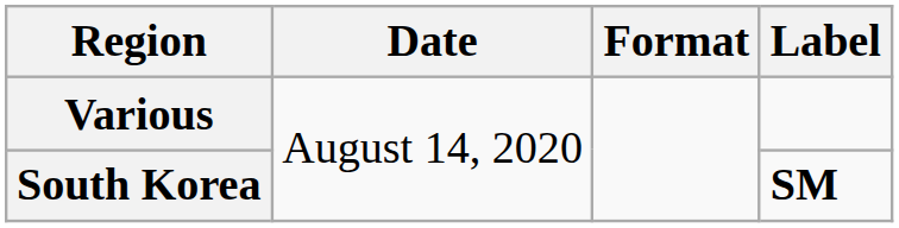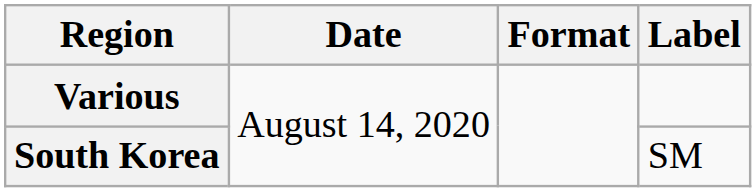 <table class="wikitable plainrowheaders">
 <tr>
 <th>Region</th>
 <th>Date</th>
 <th>Format</th>
 <th>Label</th>
 </tr>
 <tr>
 <th scope="row">Various</th>
 <td rowspan="2">August 14, 2020</td>
 <td rowspan="2"></td>
 <td></td>
 </tr>
 <tr>
 <th scope="row">South Korea</th>
-<td><strong>SM</strong></td>
+<td>SM</td>
 </tr>
 </table>
